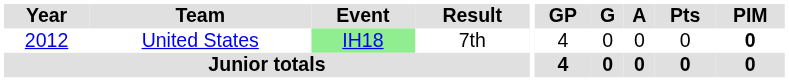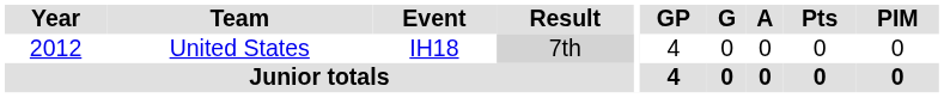 <table border="0" cellpadding="1" cellspacing="0" ID="Table3" style="text-align:center; width:40em">
 <tr ALIGN="center" bgcolor="#e0e0e0">
 <th>Year</th>
 <th>Team</th>
 <th>Event</th>
 <th>Result</th>
 <th rowspan="99" bgcolor="#ffffff"></th>
 <th>GP</th>
 <th>G</th>
 <th>A</th>
 <th>Pts</th>
 <th>PIM</th>
 </tr>
 <tr>
 <td><a href='#'>2012</a></td>
 <td><a href='#'>United States</a></td>
-<td style="background: lightgreen;"><a href='#'>IH18</a></td>
-<td>7th</td>
+<td><a href='#'>IH18</a></td>
+<td style="background: lightgrey;">7th</td>
 <td>4</td>
 <td>0</td>
 <td>0</td>
 <td>0</td>
-<td><strong>0</strong></td>
+<td>0</td>
 </tr>
 <tr bgcolor="#e0e0e0">
 <th colspan="4">Junior totals</th>
 <th>4</th>
 <th>0</th>
 <th>0</th>
 <th>0</th>
 <th>0</th>
 </tr>
 </table>
